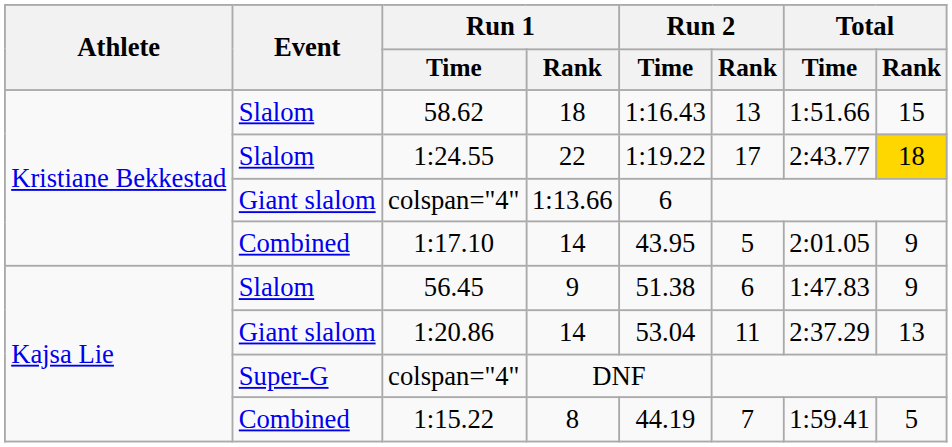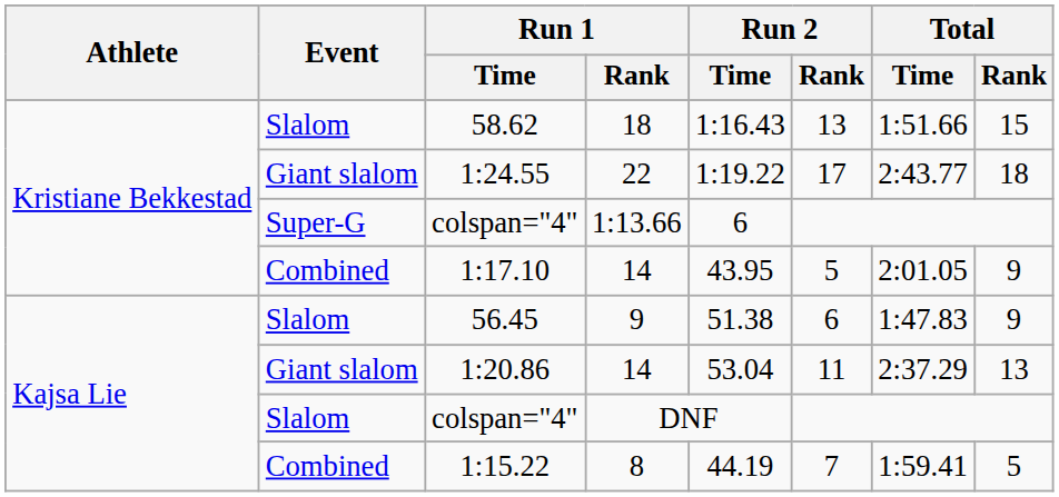 <table class="wikitable" style="font-size:90%">
 <tr>
 <th rowspan=2>Athlete</th>
 <th rowspan=2>Event</th>
 <th colspan=2>Run 1</th>
 <th colspan=2>Run 2</th>
 <th colspan=2>Total</th>
 </tr>
 <tr style="font-size:95%">
 <th>Time</th>
 <th>Rank</th>
 <th>Time</th>
 <th>Rank</th>
 <th>Time</th>
 <th>Rank</th>
 </tr>
 <tr align=center>
 <td align="left" rowspan="4"><a href='#'>Kristiane Bekkestad</a></td>
 <td align="left"><a href='#'>Slalom</a></td>
 <td>58.62</td>
 <td>18</td>
 <td>1:16.43</td>
 <td>13</td>
 <td>1:51.66</td>
 <td>15</td>
 </tr>
 <tr align=center>
-<td align="left"><a href='#'>Slalom</a></td>
+<td align="left"><a href='#'>Giant slalom</a></td>
 <td>1:24.55</td>
 <td>22</td>
 <td>1:19.22</td>
 <td>17</td>
 <td>2:43.77</td>
-<td style="background: gold;">18</td>
+<td>18</td>
 </tr>
 <tr align=center>
-<td align="left"><a href='#'>Giant slalom</a></td>
+<td align="left"><a href='#'>Super-G</a></td>
 <td>colspan="4" </td>
 <td>1:13.66</td>
 <td>6</td>
 </tr>
 <tr align=center>
 <td align="left"><a href='#'>Combined</a></td>
 <td>1:17.10</td>
 <td>14</td>
 <td>43.95</td>
 <td>5</td>
 <td>2:01.05</td>
 <td>9</td>
 </tr>
 <tr align=center>
 <td align="left" rowspan="4"><a href='#'>Kajsa Lie</a></td>
 <td align="left"><a href='#'>Slalom</a></td>
 <td>56.45</td>
 <td>9</td>
 <td>51.38</td>
 <td>6</td>
 <td>1:47.83</td>
 <td>9</td>
 </tr>
 <tr align=center>
 <td align="left"><a href='#'>Giant slalom</a></td>
 <td>1:20.86</td>
 <td>14</td>
 <td>53.04</td>
 <td>11</td>
 <td>2:37.29</td>
 <td>13</td>
 </tr>
 <tr align=center>
-<td align="left"><a href='#'>Super-G</a></td>
+<td align="left"><a href='#'>Slalom</a></td>
 <td>colspan="4" </td>
 <td colspan=2>DNF</td>
 </tr>
 <tr align=center>
 <td align="left"><a href='#'>Combined</a></td>
 <td>1:15.22</td>
 <td>8</td>
 <td>44.19</td>
 <td>7</td>
 <td>1:59.41</td>
 <td>5</td>
 </tr>
 </table>
